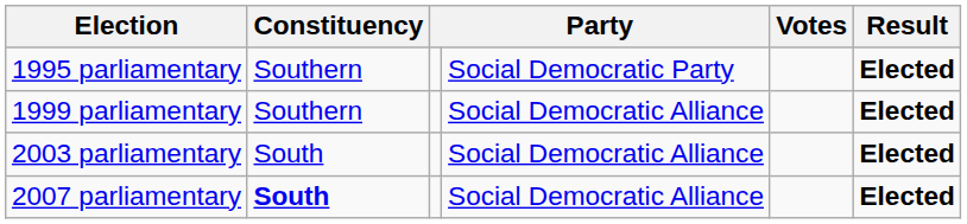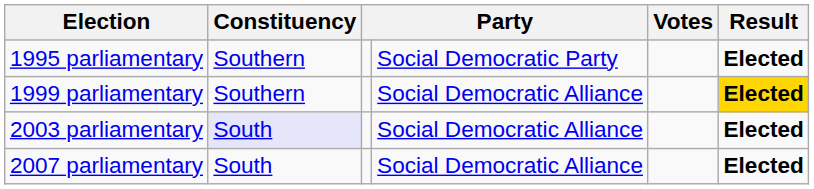 <table class="wikitable" style="text-align:left;">
 <tr>
 <th scope=col>Election</th>
 <th scope=col>Constituency</th>
 <th scope=col colspan="2">Party</th>
 <th scope=col>Votes</th>
 <th scope=col>Result</th>
 </tr>
 <tr>
 <td><a href='#'>1995 parliamentary</a></td>
 <td><a href='#'>Southern</a></td>
 <td style="background:"></td>
 <td><a href='#'>Social Democratic Party</a></td>
 <td align=right></td>
 <td><strong>Elected</strong></td>
 </tr>
 <tr>
 <td><a href='#'>1999 parliamentary</a></td>
 <td><a href='#'>Southern</a></td>
 <td style="background:"></td>
 <td><a href='#'>Social Democratic Alliance</a></td>
 <td align=right></td>
-<td><strong>Elected</strong></td>
+<td style="background: gold;"><strong>Elected</strong></td>
 </tr>
 <tr>
 <td><a href='#'>2003 parliamentary</a></td>
-<td><a href='#'>South</a></td>
+<td style="background: lavender;"><a href='#'>South</a></td>
 <td style="background:"></td>
 <td><a href='#'>Social Democratic Alliance</a></td>
 <td align=right></td>
 <td><strong>Elected</strong></td>
 </tr>
 <tr>
 <td><a href='#'>2007 parliamentary</a></td>
-<td><strong><a href='#'>South</a></strong></td>
+<td><a href='#'>South</a></td>
 <td style="background:"></td>
 <td><a href='#'>Social Democratic Alliance</a></td>
 <td align=right></td>
 <td><strong>Elected</strong></td>
 </tr>
 </table>
